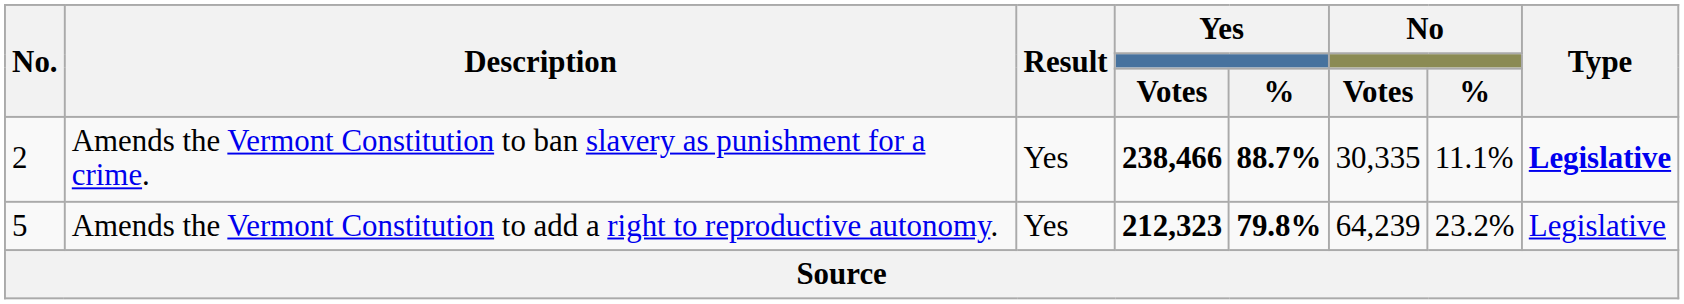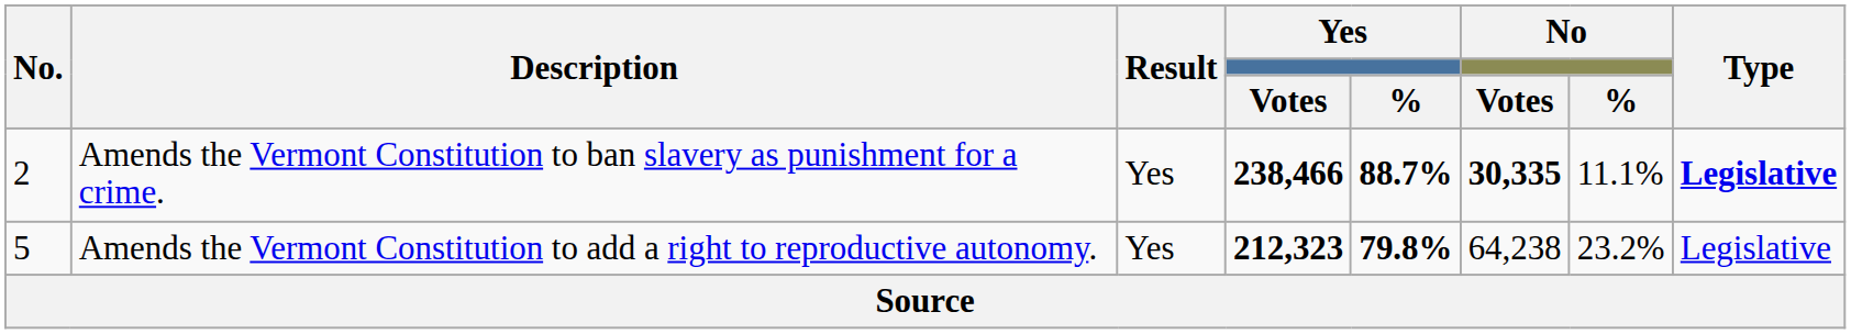 <table class="wikitable">
 <tr>
 <th rowspan="3">No.</th>
 <th rowspan="3">Description</th>
 <th rowspan="3">Result</th>
 <th colspan="2">Yes</th>
 <th colspan="2">No</th>
 <th rowspan="3">Type</th>
 </tr>
 <tr>
 <th colspan="2" style="background: #47729E;";></th>
 <th colspan="2" style="background: #8B8B54;";></th>
 </tr>
 <tr>
 <th>Votes</th>
 <th>%</th>
 <th>Votes</th>
 <th>%</th>
 </tr>
 <tr>
 <td>2</td>
 <td>Amends the <a href='#'>Vermont Constitution</a> to ban <a href='#'>slavery as punishment for a crime</a>.</td>
 <td> Yes</td>
 <td><strong>238,466</strong></td>
 <td><strong>88.7%</strong></td>
-<td>30,335</td>
+<td><strong>30,335</strong></td>
 <td>11.1%</td>
 <td><strong><a href='#'>Legislative</a></strong></td>
 </tr>
 <tr>
 <td>5</td>
 <td>Amends the <a href='#'>Vermont Constitution</a> to add a <a href='#'>right to reproductive autonomy</a>.</td>
 <td> Yes</td>
 <td><strong>212,323</strong></td>
 <td><strong>79.8%</strong></td>
-<td>64,239</td>
+<td>64,238</td>
 <td>23.2%</td>
 <td><a href='#'>Legislative</a></td>
 </tr>
 <tr>
 <th colspan="8">Source</th>
 </tr>
 </table>
